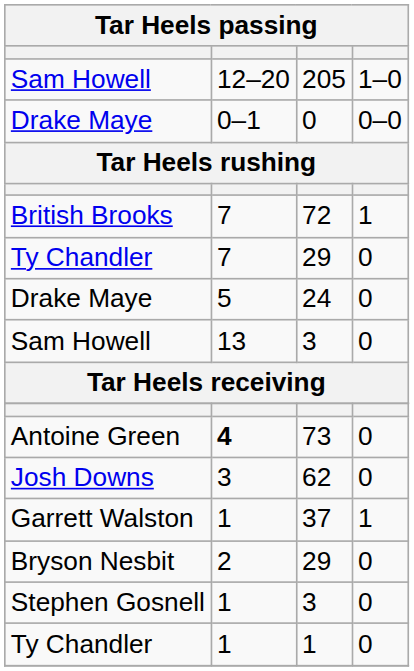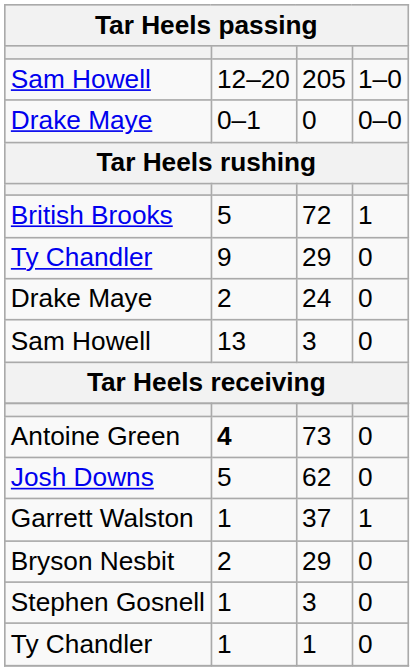 <table class="wikitable plainrowheaders">
 <tr>
 <th colspan="6">Tar Heels passing</th>
 </tr>
 <tr>
 <th scope="col"></th>
 <th scope="col"></th>
 <th scope="col"></th>
 <th scope="col"></th>
 </tr>
 <tr>
 <td><a href='#'>Sam Howell</a></td>
 <td>12–20</td>
 <td>205</td>
 <td>1–0</td>
 </tr>
 <tr>
 <td><a href='#'>Drake Maye</a></td>
 <td>0–1</td>
 <td>0</td>
 <td>0–0</td>
 </tr>
 <tr>
 <th colspan="6">Tar Heels rushing</th>
 </tr>
 <tr>
 <th scope="col"></th>
 <th scope="col"></th>
 <th scope="col"></th>
 <th scope="col"></th>
 </tr>
 <tr>
 <td><a href='#'>British Brooks</a></td>
-<td>7</td>
+<td>5</td>
 <td>72</td>
 <td>1</td>
 </tr>
 <tr>
 <td><a href='#'>Ty Chandler</a></td>
-<td>7</td>
+<td>9</td>
 <td>29</td>
 <td>0</td>
 </tr>
 <tr>
 <td>Drake Maye</td>
-<td>5</td>
+<td>2</td>
 <td>24</td>
 <td>0</td>
 </tr>
 <tr>
 <td>Sam Howell</td>
 <td>13</td>
 <td>3</td>
 <td>0</td>
 </tr>
 <tr>
 <th colspan="6">Tar Heels receiving</th>
 </tr>
 <tr>
 </tr>
 <tr>
 <th scope="col"></th>
 <th scope="col"></th>
 <th scope="col"></th>
 <th scope="col"></th>
 </tr>
 <tr>
 <td>Antoine Green</td>
 <td><strong>4</strong></td>
 <td>73</td>
 <td>0</td>
 </tr>
 <tr>
 <td><a href='#'>Josh Downs</a></td>
-<td>3</td>
+<td>5</td>
 <td>62</td>
 <td>0</td>
 </tr>
 <tr>
 <td>Garrett Walston</td>
 <td>1</td>
 <td>37</td>
 <td>1</td>
 </tr>
 <tr>
 <td>Bryson Nesbit</td>
 <td>2</td>
 <td>29</td>
 <td>0</td>
 </tr>
 <tr>
 <td>Stephen Gosnell</td>
 <td>1</td>
 <td>3</td>
 <td>0</td>
 </tr>
 <tr>
 <td>Ty Chandler</td>
 <td>1</td>
 <td>1</td>
 <td>0</td>
 </tr>
 <tr>
 </tr>
 </table>
